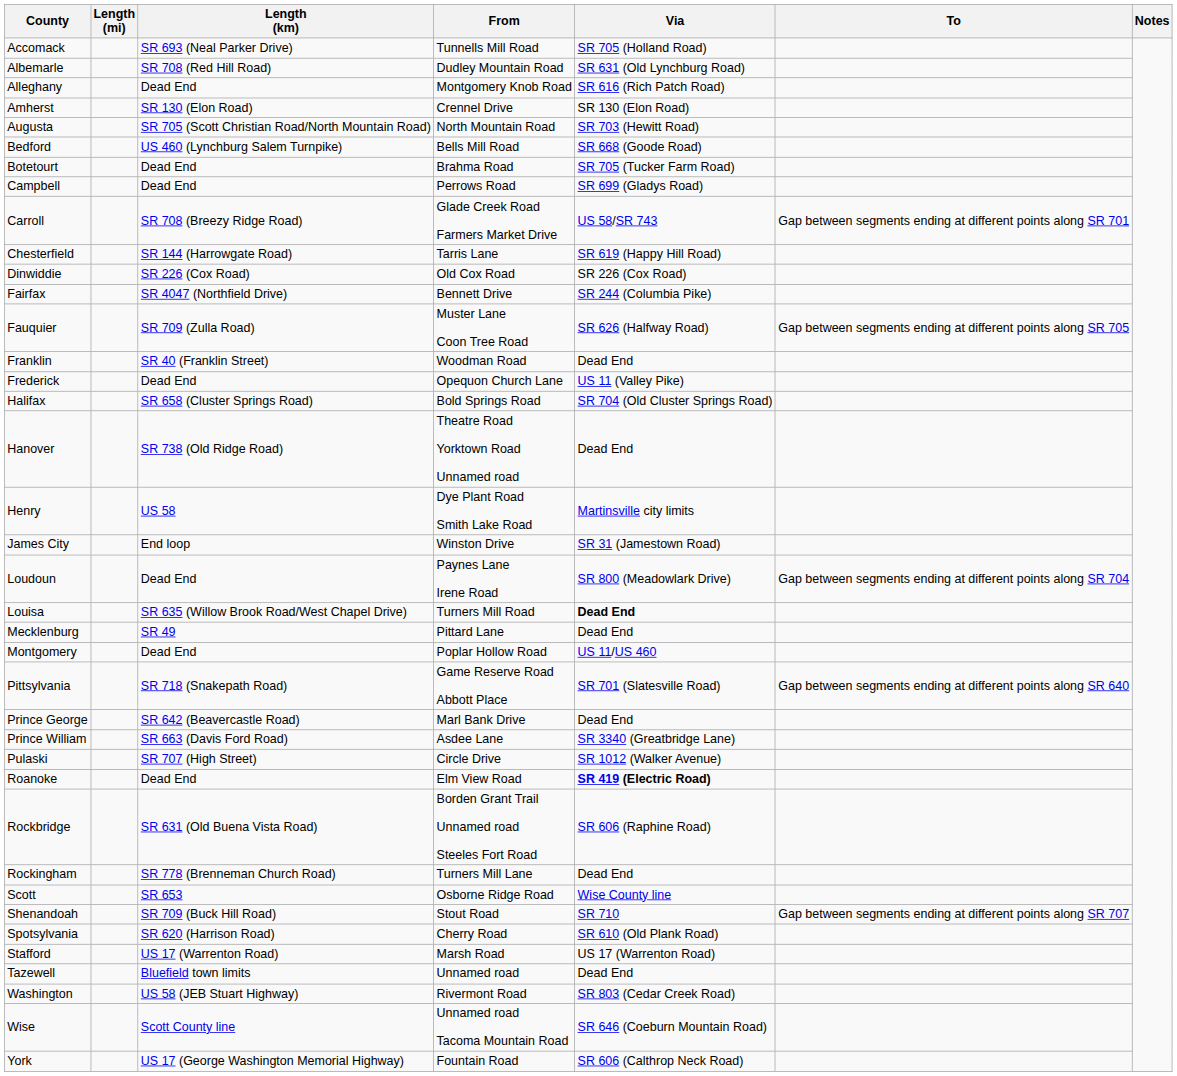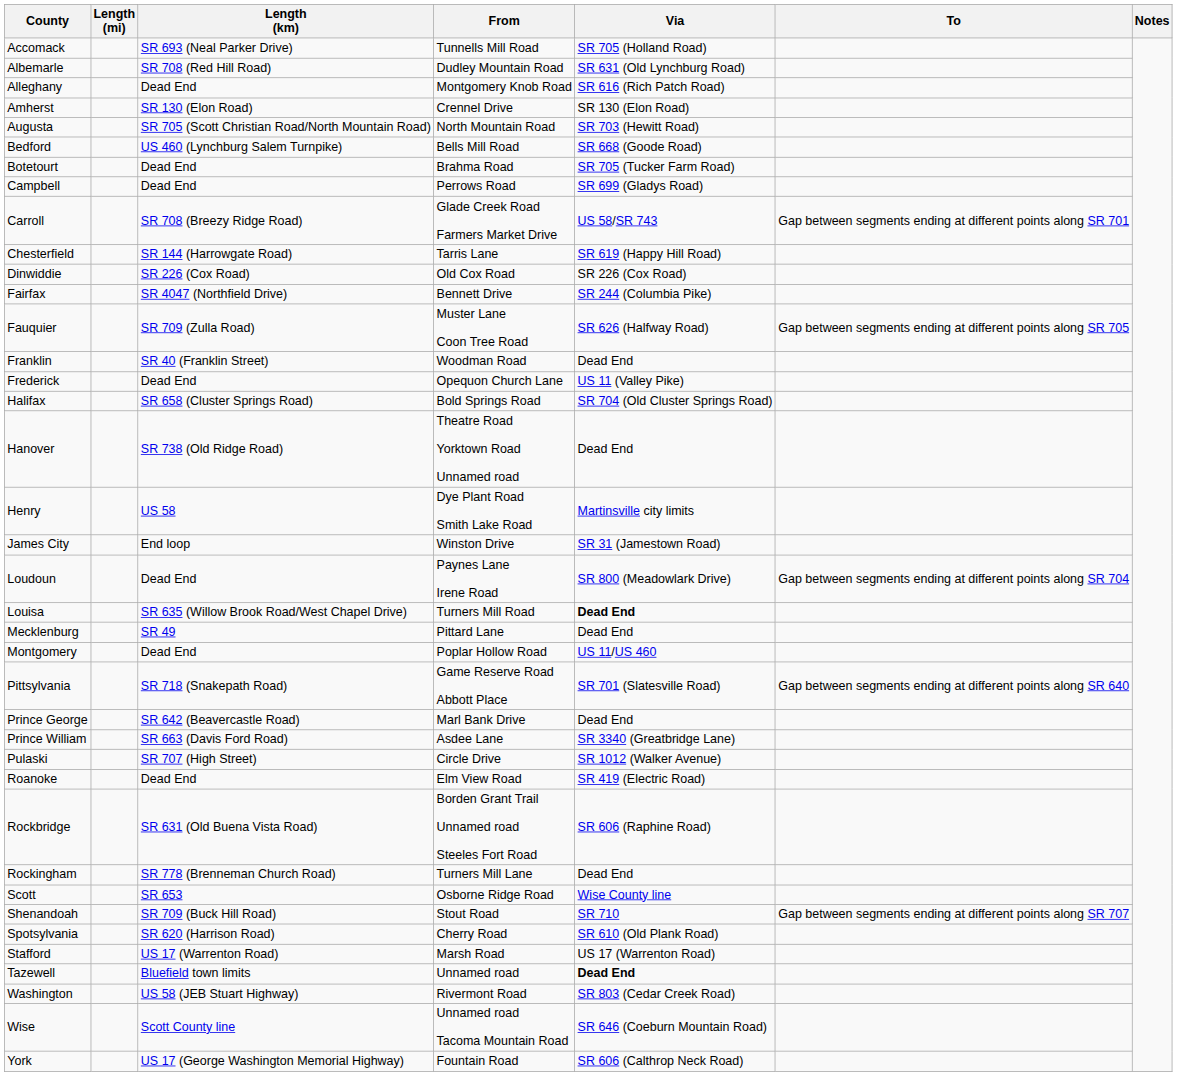 <table class="wikitable sortable">
 <tr>
 <th>County</th>
 <th>Length<br>(mi)</th>
 <th>Length<br>(km)</th>
 <th class="unsortable">From</th>
 <th class="unsortable">Via</th>
 <th class="unsortable">To</th>
 <th class="unsortable">Notes</th>
 </tr>
 <tr>
 <td id="Accomack">Accomack</td>
 <td></td>
 <td><a href='#'>SR 693</a> (Neal Parker Drive)</td>
 <td>Tunnells Mill Road</td>
 <td><a href='#'>SR 705</a> (Holland Road)</td>
 <td></td>
 </tr>
 <tr>
 <td id="Albemarle">Albemarle</td>
 <td></td>
 <td><a href='#'>SR 708</a> (Red Hill Road)</td>
 <td>Dudley Mountain Road</td>
 <td><a href='#'>SR 631</a> (Old Lynchburg Road)</td>
 <td></td>
 </tr>
 <tr>
 <td id="Alleghany">Alleghany</td>
 <td></td>
 <td>Dead End</td>
 <td>Montgomery Knob Road</td>
 <td><a href='#'>SR 616</a> (Rich Patch Road)</td>
 <td><br></td>
 </tr>
 <tr>
 <td id="Amherst">Amherst</td>
 <td></td>
 <td><a href='#'>SR 130</a> (Elon Road)</td>
 <td>Crennel Drive</td>
 <td>SR 130 (Elon Road)</td>
 <td><br> </td>
 </tr>
 <tr>
 <td id="Augusta">Augusta</td>
 <td></td>
 <td><a href='#'>SR 705</a> (Scott Christian Road/North Mountain Road)</td>
 <td>North Mountain Road</td>
 <td><a href='#'>SR 703</a> (Hewitt Road)</td>
 <td><br></td>
 </tr>
 <tr>
 <td id="Bedford">Bedford</td>
 <td></td>
 <td><a href='#'>US 460</a> (Lynchburg Salem Turnpike)</td>
 <td>Bells Mill Road</td>
 <td><a href='#'>SR 668</a> (Goode Road)</td>
 <td><br></td>
 </tr>
 <tr>
 <td id="Botetourt">Botetourt</td>
 <td></td>
 <td>Dead End</td>
 <td>Brahma Road</td>
 <td><a href='#'>SR 705</a> (Tucker Farm Road)</td>
 <td><br>  </td>
 </tr>
 <tr>
 <td id="Campbell">Campbell</td>
 <td></td>
 <td>Dead End</td>
 <td>Perrows Road</td>
 <td><a href='#'>SR 699</a> (Gladys Road)</td>
 <td><br></td>
 </tr>
 <tr>
 <td id="Carroll">Carroll</td>
 <td></td>
 <td><a href='#'>SR 708</a> (Breezy Ridge Road)</td>
 <td>Glade Creek Road<br><br>Farmers Market Drive</td>
 <td><a href='#'>US 58</a>/<a href='#'>SR 743</a></td>
 <td>Gap between segments ending at different points along <a href='#'>SR 701</a><br> </td>
 </tr>
 <tr>
 <td id="Chesterfield">Chesterfield</td>
 <td></td>
 <td><a href='#'>SR 144</a> (Harrowgate Road)</td>
 <td>Tarris Lane</td>
 <td><a href='#'>SR 619</a> (Happy Hill Road)</td>
 <td><br>    </td>
 </tr>
 <tr>
 <td id="Dinwiddie">Dinwiddie</td>
 <td></td>
 <td><a href='#'>SR 226</a> (Cox Road)</td>
 <td>Old Cox Road</td>
 <td>SR 226 (Cox Road)</td>
 <td><br></td>
 </tr>
 <tr>
 <td id="Fairfax">Fairfax</td>
 <td></td>
 <td><a href='#'>SR 4047</a> (Northfield Drive)</td>
 <td>Bennett Drive</td>
 <td><a href='#'>SR 244</a> (Columbia Pike)</td>
 <td></td>
 </tr>
 <tr>
 <td id="Fauquier">Fauquier</td>
 <td></td>
 <td><a href='#'>SR 709</a> (Zulla Road)</td>
 <td>Muster Lane<br><br>Coon Tree Road</td>
 <td><a href='#'>SR 626</a> (Halfway Road)</td>
 <td>Gap between segments ending at different points along <a href='#'>SR 705</a><br> </td>
 </tr>
 <tr>
 <td id="Franklin">Franklin</td>
 <td></td>
 <td><a href='#'>SR 40</a> (Franklin Street)</td>
 <td>Woodman Road</td>
 <td>Dead End</td>
 <td></td>
 </tr>
 <tr>
 <td id="Frederick">Frederick</td>
 <td></td>
 <td>Dead End</td>
 <td>Opequon Church Lane</td>
 <td><a href='#'>US 11</a> (Valley Pike)</td>
 <td><br>     </td>
 </tr>
 <tr>
 <td id="Halifax">Halifax</td>
 <td></td>
 <td><a href='#'>SR 658</a> (Cluster Springs Road)</td>
 <td>Bold Springs Road</td>
 <td><a href='#'>SR 704</a> (Old Cluster Springs Road)</td>
 <td></td>
 </tr>
 <tr>
 <td id="Hanover">Hanover</td>
 <td></td>
 <td><a href='#'>SR 738</a> (Old Ridge Road)</td>
 <td>Theatre Road<br><br>Yorktown Road<br><br>Unnamed road</td>
 <td>Dead End</td>
 <td><br></td>
 </tr>
 <tr>
 <td id="Henry">Henry</td>
 <td></td>
 <td><a href='#'>US 58</a></td>
 <td>Dye Plant Road<br><br>Smith Lake Road</td>
 <td><a href='#'>Martinsville</a> city limits</td>
 <td><br> </td>
 </tr>
 <tr>
 <td id="James City">James City</td>
 <td></td>
 <td>End loop</td>
 <td>Winston Drive</td>
 <td><a href='#'>SR 31</a> (Jamestown Road)</td>
 <td><br>    </td>
 </tr>
 <tr>
 <td id="Loudoun">Loudoun</td>
 <td></td>
 <td>Dead End</td>
 <td>Paynes Lane<br><br>Irene Road</td>
 <td><a href='#'>SR 800</a> (Meadowlark Drive)</td>
 <td>Gap between segments ending at different points along <a href='#'>SR 704</a></td>
 </tr>
 <tr>
 <td id="Louisa">Louisa</td>
 <td></td>
 <td><a href='#'>SR 635</a> (Willow Brook Road/West Chapel Drive)</td>
 <td>Turners Mill Road</td>
 <td><strong>Dead End</strong></td>
 <td><br>  </td>
 </tr>
 <tr>
 <td id="Mecklenburg">Mecklenburg</td>
 <td></td>
 <td><a href='#'>SR 49</a></td>
 <td>Pittard Lane</td>
 <td>Dead End</td>
 <td><br></td>
 </tr>
 <tr>
 <td id="Montgomery">Montgomery</td>
 <td></td>
 <td>Dead End</td>
 <td>Poplar Hollow Road</td>
 <td><a href='#'>US 11</a>/<a href='#'>US 460</a></td>
 <td><br>       </td>
 </tr>
 <tr>
 <td id="Pittsylvania">Pittsylvania</td>
 <td></td>
 <td><a href='#'>SR 718</a> (Snakepath Road)</td>
 <td>Game Reserve Road<br><br>Abbott Place</td>
 <td><a href='#'>SR 701</a> (Slatesville Road)</td>
 <td>Gap between segments ending at different points along <a href='#'>SR 640</a><br> </td>
 </tr>
 <tr>
 <td id="Prince George">Prince George</td>
 <td></td>
 <td><a href='#'>SR 642</a> (Beavercastle Road)</td>
 <td>Marl Bank Drive</td>
 <td>Dead End</td>
 <td></td>
 </tr>
 <tr>
 <td id="Prince William">Prince William</td>
 <td></td>
 <td><a href='#'>SR 663</a> (Davis Ford Road)</td>
 <td>Asdee Lane</td>
 <td><a href='#'>SR 3340</a> (Greatbridge Lane)</td>
 <td></td>
 </tr>
 <tr>
 <td id="Pulaski">Pulaski</td>
 <td></td>
 <td><a href='#'>SR 707</a> (High Street)</td>
 <td>Circle Drive</td>
 <td><a href='#'>SR 1012</a> (Walker Avenue)</td>
 <td><br> </td>
 </tr>
 <tr>
 <td id="Roanoke">Roanoke</td>
 <td></td>
 <td>Dead End</td>
 <td>Elm View Road</td>
-<td><strong><a href='#'>SR 419</a> (Electric Road)</strong></td>
+<td><a href='#'>SR 419</a> (Electric Road)</td>
 <td></td>
 </tr>
 <tr>
 <td id="Rockbridge">Rockbridge</td>
 <td></td>
 <td><a href='#'>SR 631</a> (Old Buena Vista Road)</td>
 <td>Borden Grant Trail<br><br>Unnamed road<br><br>Steeles Fort Road</td>
 <td><a href='#'>SR 606</a> (Raphine Road)</td>
 <td></td>
 </tr>
 <tr>
 <td id="Rockingham">Rockingham</td>
 <td></td>
 <td><a href='#'>SR 778</a> (Brenneman Church Road)</td>
 <td>Turners Mill Lane</td>
 <td>Dead End</td>
 <td><br></td>
 </tr>
 <tr>
 <td id="Scott">Scott</td>
 <td></td>
 <td><a href='#'>SR 653</a></td>
 <td>Osborne Ridge Road</td>
 <td><a href='#'>Wise County line</a></td>
 <td></td>
 </tr>
 <tr>
 <td id="Shenandoah">Shenandoah</td>
 <td></td>
 <td><a href='#'>SR 709</a> (Buck Hill Road)</td>
 <td>Stout Road</td>
 <td><a href='#'>SR 710</a></td>
 <td>Gap between segments ending at different points along <a href='#'>SR 707</a><br> </td>
 </tr>
 <tr>
 <td id="Spotsylvania">Spotsylvania</td>
 <td></td>
 <td><a href='#'>SR 620</a> (Harrison Road)</td>
 <td>Cherry Road</td>
 <td><a href='#'>SR 610</a> (Old Plank Road)</td>
 <td></td>
 </tr>
 <tr>
 <td id="Stafford">Stafford</td>
 <td></td>
 <td><a href='#'>US 17</a> (Warrenton Road)</td>
 <td>Marsh Road</td>
 <td>US 17 (Warrenton Road)</td>
 <td><br> </td>
 </tr>
 <tr>
 <td id="Tazewell">Tazewell</td>
 <td></td>
 <td><a href='#'>Bluefield</a> town limits</td>
 <td>Unnamed road</td>
-<td>Dead End</td>
+<td><strong>Dead End</strong></td>
 <td><br></td>
 </tr>
 <tr>
 <td id="Washington">Washington</td>
 <td></td>
 <td><a href='#'>US 58</a> (JEB Stuart Highway)</td>
 <td>Rivermont Road</td>
 <td><a href='#'>SR 803</a> (Cedar Creek Road)</td>
 <td><br></td>
 </tr>
 <tr>
 <td id="Wise">Wise</td>
 <td></td>
 <td><a href='#'>Scott County line</a></td>
 <td>Unnamed road<br><br>Tacoma Mountain Road</td>
 <td><a href='#'>SR 646</a> (Coeburn Mountain Road)</td>
 <td><br></td>
 </tr>
 <tr>
 <td id="York">York</td>
 <td></td>
 <td><a href='#'>US 17</a> (George Washington Memorial Highway)</td>
 <td>Fountain Road</td>
 <td><a href='#'>SR 606</a> (Calthrop Neck Road)</td>
 <td></td>
 </tr>
 </table>
